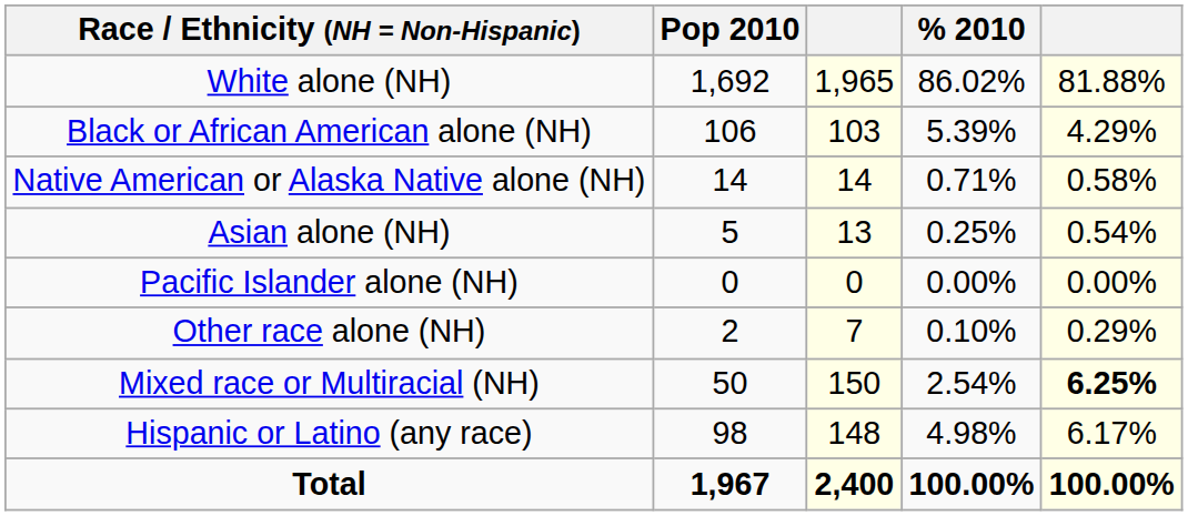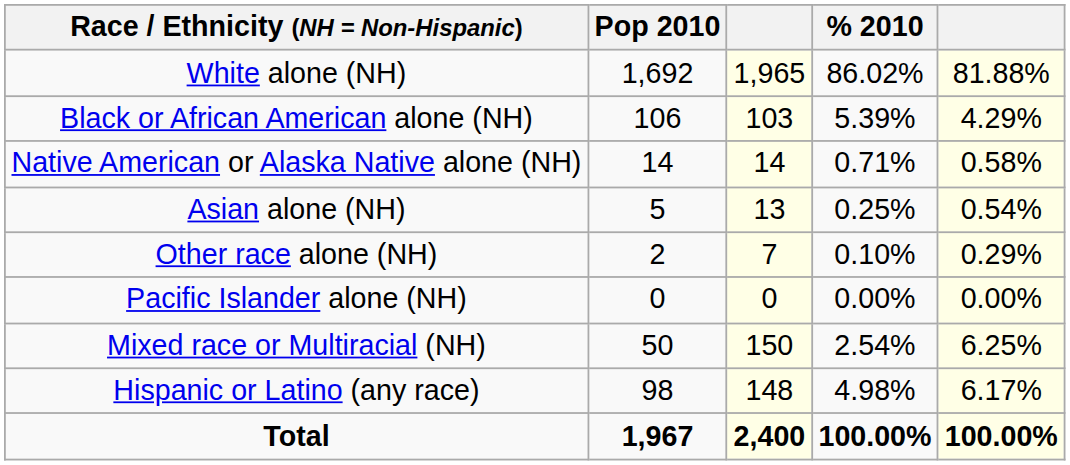 <table class="wikitable" style="text-align:center;">
 <tr>
 <th>Race / Ethnicity <small>(<em>NH = Non-Hispanic</em>)</small></th>
 <th>Pop 2010</th>
 <th></th>
 <th>% 2010</th>
 <th></th>
 </tr>
 <tr>
 <td><a href='#'>White</a> alone (NH)</td>
 <td>1,692</td>
 <td style='background: #ffffe6;'>1,965</td>
 <td>86.02%</td>
 <td style='background: #ffffe6;'>81.88%</td>
 </tr>
 <tr>
 <td><a href='#'>Black or African American</a> alone (NH)</td>
 <td>106</td>
 <td style='background: #ffffe6;'>103</td>
 <td>5.39%</td>
 <td style='background: #ffffe6;'>4.29%</td>
 </tr>
 <tr>
 <td><a href='#'>Native American</a> or <a href='#'>Alaska Native</a> alone (NH)</td>
 <td>14</td>
 <td style='background: #ffffe6;'>14</td>
 <td>0.71%</td>
 <td style='background: #ffffe6;'>0.58%</td>
 </tr>
 <tr>
 <td><a href='#'>Asian</a> alone (NH)</td>
 <td>5</td>
 <td style='background: #ffffe6;'>13</td>
 <td>0.25%</td>
 <td style='background: #ffffe6;'>0.54%</td>
 </tr>
 <tr>
+<td><a href='#'>Other race</a> alone (NH)</td>
+<td>2</td>
+<td style='background: #ffffe6;'>7</td>
+<td>0.10%</td>
+<td style='background: #ffffe6;'>0.29%</td>
+</tr>
+<tr>
 <td><a href='#'>Pacific Islander</a> alone (NH)</td>
 <td>0</td>
 <td style='background: #ffffe6;'>0</td>
 <td>0.00%</td>
 <td style='background: #ffffe6;'>0.00%</td>
 </tr>
 <tr>
-<td><a href='#'>Other race</a> alone (NH)</td>
-<td>2</td>
-<td style='background: #ffffe6;'>7</td>
-<td>0.10%</td>
-<td style='background: #ffffe6;'>0.29%</td>
-</tr>
-<tr>
 <td><a href='#'>Mixed race or Multiracial</a> (NH)</td>
 <td>50</td>
 <td style='background: #ffffe6;'>150</td>
 <td>2.54%</td>
-<td style='background: #ffffe6;'><strong>6.25%</strong></td>
+<td style='background: #ffffe6;'>6.25%</td>
 </tr>
 <tr>
 <td><a href='#'>Hispanic or Latino</a> (any race)</td>
 <td>98</td>
 <td style='background: #ffffe6;'>148</td>
 <td>4.98%</td>
 <td style='background: #ffffe6;'>6.17%</td>
 </tr>
 <tr>
 <td><strong>Total</strong></td>
 <td><strong>1,967</strong></td>
 <td style='background: #ffffe6;'><strong>2,400</strong></td>
 <td><strong>100.00%</strong></td>
 <td style='background: #ffffe6;'><strong>100.00%</strong></td>
 </tr>
 </table>
